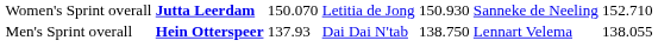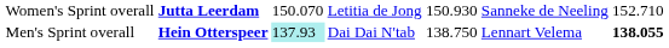 <table>
 <tr>
 <td>Women's Sprint overall</td>
 <td><strong><a href='#'>Jutta Leerdam</a></strong></td>
 <td>150.070</td>
 <td><a href='#'>Letitia de Jong</a></td>
 <td>150.930</td>
 <td><a href='#'>Sanneke de Neeling</a></td>
 <td>152.710</td>
 </tr>
 <tr>
 <td>Men's Sprint overall</td>
 <td><strong><a href='#'>Hein Otterspeer</a></strong></td>
-<td>137.93</td>
+<td style="background: paleturquoise;">137.93</td>
 <td><a href='#'>Dai Dai N'tab</a></td>
 <td>138.750</td>
 <td><a href='#'>Lennart Velema</a></td>
-<td>138.055</td>
+<td><strong>138.055</strong></td>
 </tr>
 </table>
